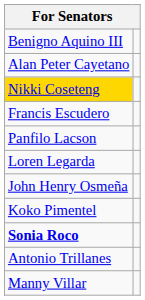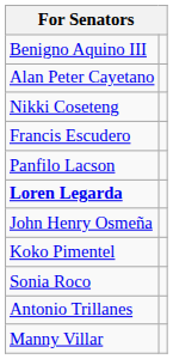 <table class=wikitable style="font-size:90%">
 <tr>
 <th colspan=5>For Senators</th>
 </tr>
 <tr>
 <td><a href='#'>Benigno Aquino III</a></td>
 <td></td>
 </tr>
 <tr>
 <td><a href='#'>Alan Peter Cayetano</a></td>
 <td></td>
 </tr>
 <tr>
-<td style="background: gold;"><a href='#'>Nikki Coseteng</a></td>
+<td><a href='#'>Nikki Coseteng</a></td>
 <td></td>
 </tr>
 <tr>
 <td><a href='#'>Francis Escudero</a></td>
 <td></td>
 </tr>
 <tr>
 <td><a href='#'>Panfilo Lacson</a></td>
 <td></td>
 </tr>
 <tr>
-<td><a href='#'>Loren Legarda</a></td>
+<td><strong><a href='#'>Loren Legarda</a></strong></td>
 <td></td>
 </tr>
 <tr>
 <td><a href='#'>John Henry Osmeña</a></td>
 <td></td>
 </tr>
 <tr>
 <td><a href='#'>Koko Pimentel</a></td>
 <td></td>
 </tr>
 <tr>
-<td><strong><a href='#'>Sonia Roco</a></strong></td>
+<td><a href='#'>Sonia Roco</a></td>
 <td></td>
 </tr>
 <tr>
 <td><a href='#'>Antonio Trillanes</a></td>
 <td></td>
 </tr>
 <tr>
 <td><a href='#'>Manny Villar</a></td>
 <td></td>
 </tr>
 </table>
